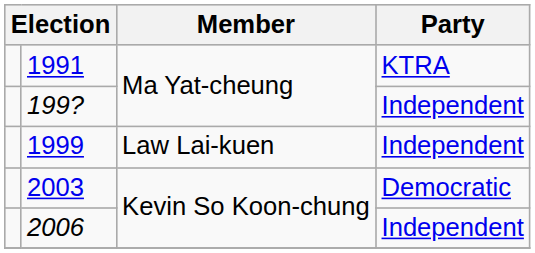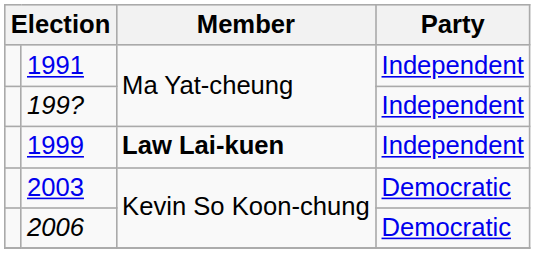 <table class="wikitable">
 <tr>
 <th colspan="2">Election</th>
 <th>Member</th>
 <th>Party</th>
 </tr>
 <tr>
 <td style="background-color: "></td>
 <td><a href='#'>1991</a></td>
 <td rowspan=2>Ma Yat-cheung</td>
-<td><a href='#'>KTRA</a></td>
+<td><a href='#'>Independent</a></td>
 </tr>
 <tr>
 <td style="background-color: "></td>
 <td><em>199?</em></td>
 <td><a href='#'>Independent</a></td>
 </tr>
 <tr>
 <td style="background-color: "></td>
 <td><a href='#'>1999</a></td>
-<td>Law Lai-kuen</td>
+<td><strong>Law Lai-kuen</strong></td>
 <td><a href='#'>Independent</a></td>
 </tr>
 <tr>
 <td style="background-color: "></td>
 <td><a href='#'>2003</a></td>
 <td rowspan=2>Kevin So Koon-chung</td>
 <td><a href='#'>Democratic</a></td>
 </tr>
 <tr>
 <td style="background-color: "></td>
 <td><em>2006</em></td>
-<td><a href='#'>Independent</a></td>
+<td><a href='#'>Democratic</a></td>
 </tr>
 <tr>
 </tr>
 </table>
